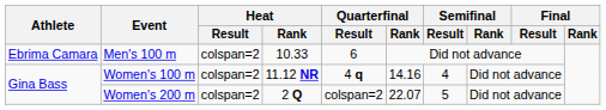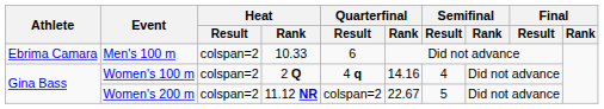 <table class="wikitable" style="font-size:90%">
 <tr>
 <th rowspan="2">Athlete</th>
 <th rowspan="2">Event</th>
 <th colspan="2">Heat</th>
 <th colspan="2">Quarterfinal</th>
 <th colspan="2">Semifinal</th>
 <th colspan="2">Final</th>
 </tr>
 <tr style="font-size:95%">
 <th>Result</th>
 <th>Rank</th>
 <th>Result</th>
 <th>Rank</th>
 <th>Result</th>
 <th>Rank</th>
 <th>Result</th>
 <th>Rank</th>
 </tr>
 <tr align=center>
 <td align=left><a href='#'>Ebrima Camara</a></td>
 <td align=left><a href='#'>Men's 100 m</a></td>
 <td>colspan=2 </td>
 <td>10.33</td>
 <td>6</td>
 <td colspan="4">Did not advance</td>
 </tr>
 <tr align=center>
 <td align=left rowspan=2><a href='#'>Gina Bass</a></td>
 <td align=left><a href='#'>Women's 100 m</a></td>
 <td>colspan=2 </td>
-<td>11.12 <strong><a href='#'>NR</a></strong></td>
+<td>2 <strong>Q</strong></td>
 <td>4 <strong>q</strong></td>
 <td>14.16</td>
 <td>4</td>
 <td colspan="2">Did not advance</td>
 </tr>
 <tr align=center>
 <td align=left><a href='#'>Women's 200 m</a></td>
 <td>colspan=2 </td>
-<td>2 <strong>Q</strong></td>
+<td>11.12 <strong><a href='#'>NR</a></strong></td>
 <td>colspan=2 </td>
-<td>22.07</td>
+<td>22.67</td>
 <td>5</td>
 <td colspan="2">Did not advance</td>
 </tr>
 </table>
